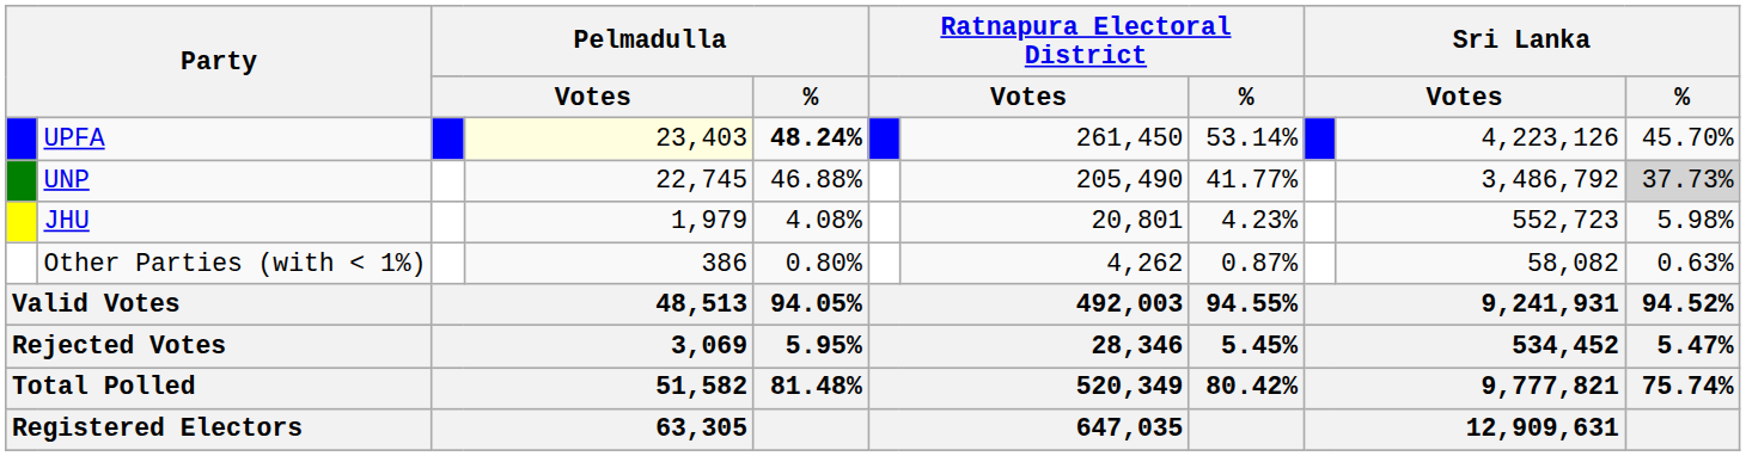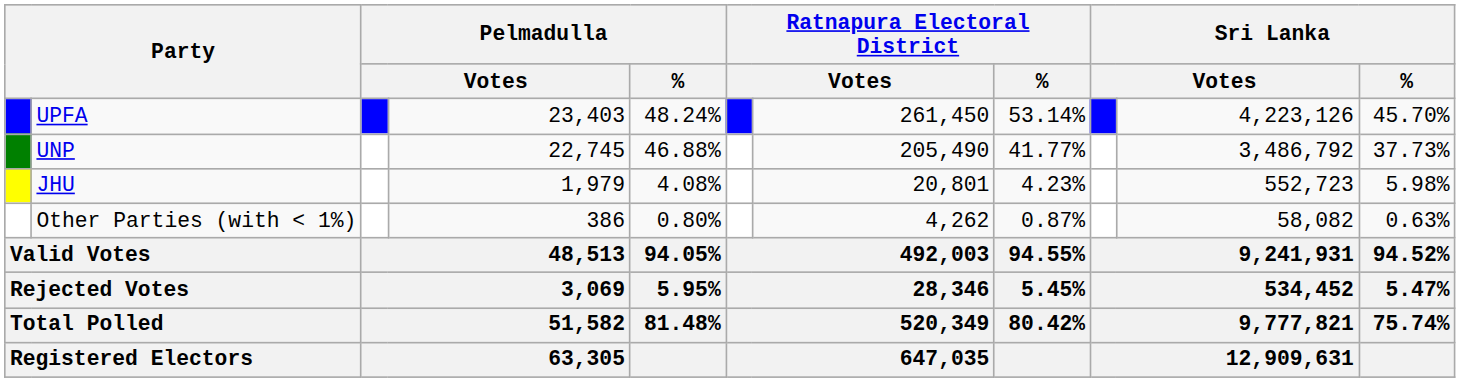 <table class="wikitable">
 <tr>
 <th colspan="2" width="144px"rowspan="2">Party</th>
 <th colspan="3" width="216px">Pelmadulla</th>
 <th colspan="3" width="216px"><a href='#'>Ratnapura Electoral District</a></th>
 <th colspan="3" width="216px">Sri Lanka</th>
 </tr>
 <tr>
 <th colspan="2" width="144px">Votes</th>
 <th>%</th>
 <th colspan="2" width="144px">Votes</th>
 <th>%</th>
 <th colspan="2" width="144px">Votes</th>
 <th>%</th>
 </tr>
 <tr>
 <td style="background-color:blue;" width="10px"></td>
 <td style="text-align:left;"><a href='#'>UPFA</a></td>
 <td style="background-color:blue;" width="10px"></td>
-<td style="background: lightyellow; text-align:right;">23,403</td>
-<td style="text-align:right;"><strong>48.24%</strong></td>
+<td style="text-align:right;">23,403</td>
+<td style="text-align:right;">48.24%</td>
 <td style="background-color:blue;" width="10px"></td>
 <td style="text-align:right;">261,450</td>
 <td style="text-align:right;">53.14%</td>
 <td style="background-color:blue;" width="10px"></td>
 <td style="text-align:right;">4,223,126</td>
 <td style="text-align:right;">45.70%</td>
 </tr>
 <tr>
 <td style="background-color:green;" width="10px"></td>
 <td style="text-align:left;"><a href='#'>UNP</a></td>
 <td style="background-color:white;" width="10px"></td>
 <td style="text-align:right;">22,745</td>
 <td style="text-align:right;">46.88%</td>
 <td style="background-color:white;" width="10px"></td>
 <td style="text-align:right;">205,490</td>
 <td style="text-align:right;">41.77%</td>
 <td style="background-color:white;" width="10px"></td>
 <td style="text-align:right;">3,486,792</td>
-<td style="background: lightgrey; text-align:right;">37.73%</td>
+<td style="text-align:right;">37.73%</td>
 </tr>
 <tr>
 <td style="background-color:yellow;" width="10px"></td>
 <td style="text-align:left;"><a href='#'>JHU</a></td>
 <td style="background-color:white;" width="10px"></td>
 <td style="text-align:right;">1,979</td>
 <td style="text-align:right;">4.08%</td>
 <td style="background-color:white;" width="10px"></td>
 <td style="text-align:right;">20,801</td>
 <td style="text-align:right;">4.23%</td>
 <td style="background-color:white;" width="10px"></td>
 <td style="text-align:right;">552,723</td>
 <td style="text-align:right;">5.98%</td>
 </tr>
 <tr>
 <td style="background-color:white;" width="10px"></td>
 <td style="text-align:left;">Other Parties (with < 1%)</td>
 <td style="background-color:white;" width="10px"></td>
 <td style="text-align:right;">386</td>
 <td style="text-align:right;">0.80%</td>
 <td style="background-color:white;" width="10px"></td>
 <td style="text-align:right;">4,262</td>
 <td style="text-align:right;">0.87%</td>
 <td style="background-color:white;" width="10px"></td>
 <td style="text-align:right;">58,082</td>
 <td style="text-align:right;">0.63%</td>
 </tr>
 <tr>
 <th colspan="2" width="144px"style="text-align:left;">Valid Votes</th>
 <th style="text-align:right;"colspan="2" width="144px">48,513</th>
 <th style="text-align:right;">94.05%</th>
 <th style="text-align:right;"colspan="2" width="144px">492,003</th>
 <th style="text-align:right;">94.55%</th>
 <th style="text-align:right;"colspan="2" width="144px">9,241,931</th>
 <th style="text-align:right;">94.52%</th>
 </tr>
 <tr>
 <th colspan="2" width="144px"style="text-align:left;">Rejected Votes</th>
 <th style="text-align:right;"colspan="2" width="144px">3,069</th>
 <th style="text-align:right;">5.95%</th>
 <th style="text-align:right;"colspan="2" width="144px">28,346</th>
 <th style="text-align:right;">5.45%</th>
 <th style="text-align:right;"colspan="2" width="144px">534,452</th>
 <th style="text-align:right;">5.47%</th>
 </tr>
 <tr>
 <th colspan="2" width="144px"style="text-align:left;">Total Polled</th>
 <th style="text-align:right;"colspan="2" width="144px">51,582</th>
 <th style="text-align:right;">81.48%</th>
 <th style="text-align:right;"colspan="2" width="144px">520,349</th>
 <th style="text-align:right;">80.42%</th>
 <th style="text-align:right;"colspan="2" width="144px">9,777,821</th>
 <th style="text-align:right;">75.74%</th>
 </tr>
 <tr>
 <th colspan="2" width="144px"style="text-align:left;">Registered Electors</th>
 <th style="text-align:right;"colspan="2" width="144px">63,305</th>
 <th></th>
 <th style="text-align:right;"colspan="2" width="144px">647,035</th>
 <th></th>
 <th style="text-align:right;"colspan="2" width="144px">12,909,631</th>
 <th></th>
 </tr>
 </table>
